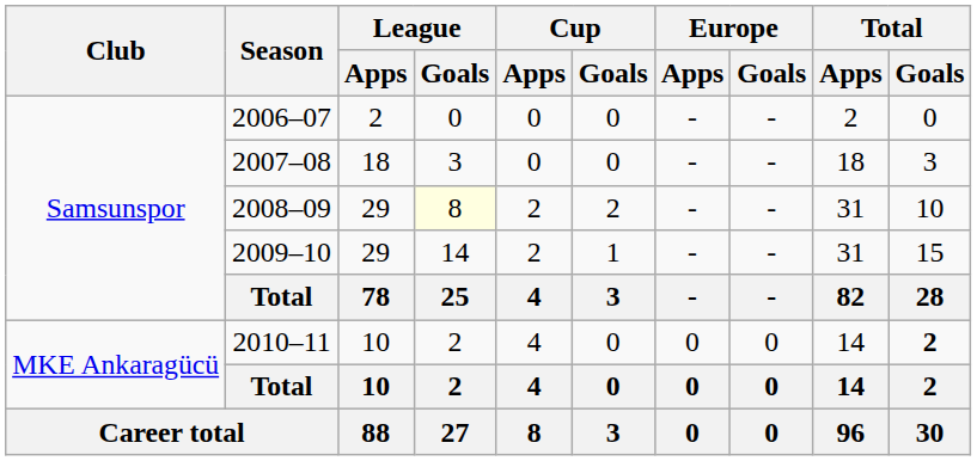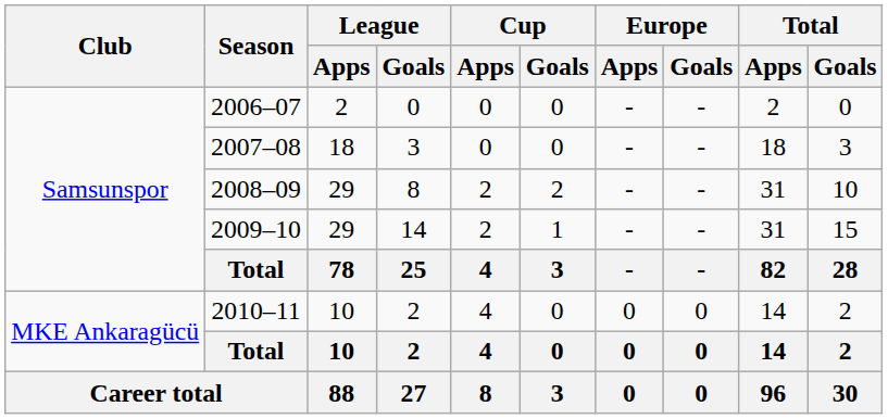 <table class="wikitable" style="text-align: center;">
 <tr>
 <th rowspan="2">Club</th>
 <th rowspan="2">Season</th>
 <th colspan="2">League</th>
 <th colspan="2">Cup</th>
 <th colspan="2">Europe</th>
 <th colspan="3">Total</th>
 </tr>
 <tr>
 <th>Apps</th>
 <th>Goals</th>
 <th>Apps</th>
 <th>Goals</th>
 <th>Apps</th>
 <th>Goals</th>
 <th>Apps</th>
 <th>Goals</th>
 </tr>
 <tr>
 <td rowspan="5" valign="center"><a href='#'>Samsunspor</a></td>
 <td>2006–07</td>
 <td>2</td>
 <td>0</td>
 <td>0</td>
 <td>0</td>
 <td>-</td>
 <td>-</td>
 <td>2</td>
 <td>0</td>
 </tr>
 <tr>
 <td>2007–08</td>
 <td>18</td>
 <td>3</td>
 <td>0</td>
 <td>0</td>
 <td>-</td>
 <td>-</td>
 <td>18</td>
 <td>3</td>
 </tr>
 <tr>
 <td>2008–09</td>
 <td>29</td>
-<td style="background: lightyellow;">8</td>
+<td>8</td>
 <td>2</td>
 <td>2</td>
 <td>-</td>
 <td>-</td>
 <td>31</td>
 <td>10</td>
 </tr>
 <tr>
 <td>2009–10</td>
 <td>29</td>
 <td>14</td>
 <td>2</td>
 <td>1</td>
 <td>-</td>
 <td>-</td>
 <td>31</td>
 <td>15</td>
 </tr>
 <tr>
 <th>Total</th>
 <th>78</th>
 <th>25</th>
 <th>4</th>
 <th>3</th>
 <th>-</th>
 <th>-</th>
 <th>82</th>
 <th>28</th>
 </tr>
 <tr>
 <td rowspan="2" valign="center"><a href='#'>MKE Ankaragücü</a></td>
 <td>2010–11</td>
 <td>10</td>
 <td>2</td>
 <td>4</td>
 <td>0</td>
 <td>0</td>
 <td>0</td>
 <td>14</td>
-<td><strong>2</strong></td>
+<td>2</td>
 </tr>
 <tr>
 <th>Total</th>
 <th>10</th>
 <th>2</th>
 <th>4</th>
 <th>0</th>
 <th>0</th>
 <th>0</th>
 <th>14</th>
 <th>2</th>
 </tr>
 <tr>
 <th colspan=2>Career total</th>
 <th>88</th>
 <th>27</th>
 <th>8</th>
 <th>3</th>
 <th>0</th>
 <th>0</th>
 <th>96</th>
 <th>30</th>
 </tr>
 </table>
